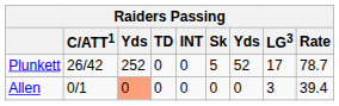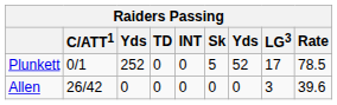 <table class="wikitable">
 <tr>
 <th colspan="9">Raiders Passing</th>
 </tr>
 <tr>
 <th></th>
 <th>C/ATT<sup>1</sup></th>
 <th>Yds</th>
 <th>TD</th>
 <th>INT</th>
 <th>Sk</th>
 <th>Yds</th>
 <th>LG<sup>3</sup></th>
 <th>Rate</th>
 </tr>
 <tr>
 <td><a href='#'>Plunkett</a></td>
-<td>26/42</td>
+<td>0/1</td>
 <td>252</td>
 <td>0</td>
 <td>0</td>
 <td>5</td>
 <td>52</td>
 <td>17</td>
-<td>78.7</td>
+<td>78.5</td>
 </tr>
 <tr>
 <td><a href='#'>Allen</a></td>
-<td>0/1</td>
-<td style="background: lightsalmon;">0</td>
+<td>26/42</td>
+<td>0</td>
 <td>0</td>
 <td>0</td>
 <td>0</td>
 <td>0</td>
 <td>3</td>
-<td>39.4</td>
+<td>39.6</td>
 </tr>
 </table>
